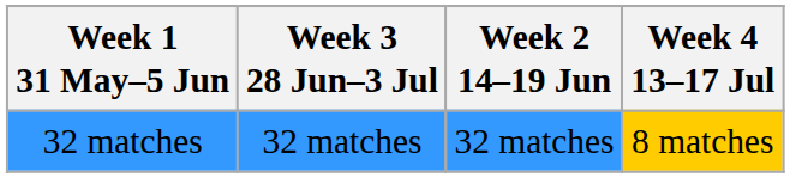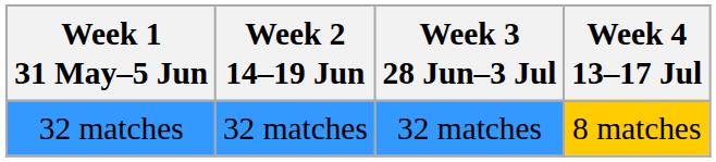 <table class="wikitable" style="margin:0.9em auto; font-size:90%; line-height:1.25em; width:800;">
 <tr>
 <th>Week 1<br>31 May–5 Jun</th>
+<th>Week 2<br>14–19 Jun</th>
 <th>Week 3<br>28 Jun–3 Jul</th>
-<th>Week 2<br>14–19 Jun</th>
 <th>Week 4<br>13–17 Jul</th>
 </tr>
 <tr align="center">
 <td bgcolor=#3399ff>32 matches</td>
 <td bgcolor=#3399ff>32 matches</td>
 <td bgcolor=#3399ff>32 matches</td>
 <td bgcolor=#ffcc00>8 matches</td>
 </tr>
 </table>
